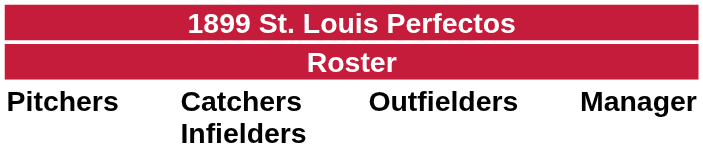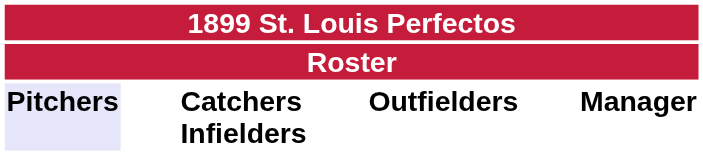 <table class="toccolours" style="font-size: 95%;">
 <tr>
 <th colspan="10" style="background-color: #C41C3A; color: white; text-align: center;">1899 St. Louis Perfectos</th>
 </tr>
 <tr>
 <td colspan="10" style="background-color: #C41C3A; color: white; text-align: center;"><strong>Roster</strong></td>
 </tr>
 <tr>
-<td valign="top"><strong>Pitchers</strong><br>         </td>
+<td valign="top" style="background: lavender;"><strong>Pitchers</strong><br>         </td>
 <td width="25px"></td>
 <td valign="top"><strong>Catchers</strong><br>   <strong>Infielders</strong>         </td>
 <td width="25px"></td>
 <td valign="top"><strong>Outfielders</strong><br>      </td>
 <td width="25px"></td>
 <td valign="top"><strong>Manager</strong><br></td>
 </tr>
 </table>
